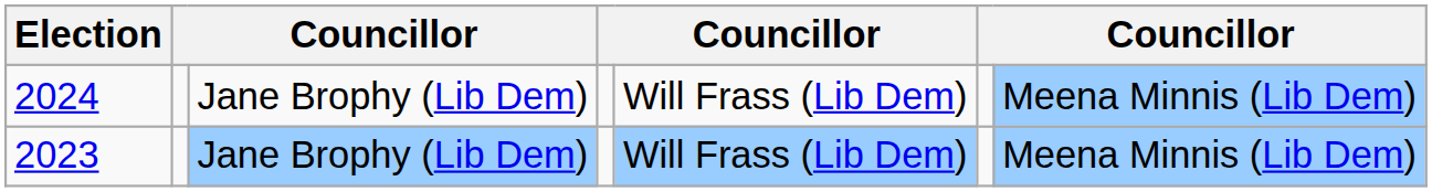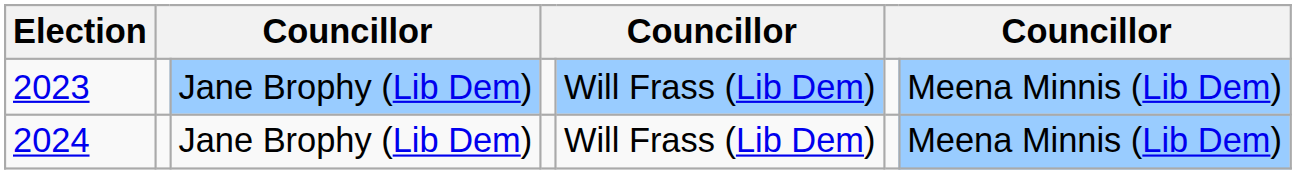 <table class="wikitable">
 <tr>
 <th>Election</th>
 <th colspan="2">Councillor</th>
 <th colspan="2">Councillor</th>
 <th colspan="2">Councillor</th>
+</tr>
+<tr>
+<td><a href='#'>2023</a></td>
+<td style="background-color: "></td>
+<td bgcolor="#99CCFF">Jane Brophy  (<a href='#'>Lib Dem</a>)</td>
+<td style="background-color: "></td>
+<td bgcolor="#99CCFF">Will Frass (<a href='#'>Lib Dem</a>)</td>
+<td style="background-color: "></td>
+<td bgcolor="#99CCFF">Meena Minnis (<a href='#'>Lib Dem</a>)</td>
 </tr>
 <tr>
 <td><a href='#'>2024</a></td>
 <td style="background-color: "></td>
 <td bgcolor=>Jane Brophy  (<a href='#'>Lib Dem</a>)</td>
 <td style="background-color: "></td>
 <td bgcolor=>Will Frass (<a href='#'>Lib Dem</a>)</td>
 <td style="background-color: "></td>
 <td bgcolor="#99CCFF">Meena Minnis (<a href='#'>Lib Dem</a>)</td>
 </tr>
-<tr>
-<td><a href='#'>2023</a></td>
-<td style="background-color: "></td>
-<td bgcolor="#99CCFF">Jane Brophy  (<a href='#'>Lib Dem</a>)</td>
-<td style="background-color: "></td>
-<td bgcolor="#99CCFF">Will Frass (<a href='#'>Lib Dem</a>)</td>
-<td style="background-color: "></td>
-<td bgcolor="#99CCFF">Meena Minnis (<a href='#'>Lib Dem</a>)</td>
-</tr>
 </table>
